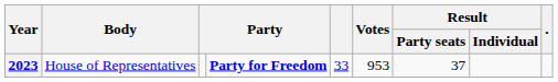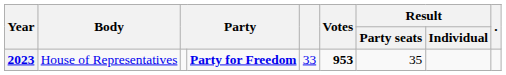 <table class="wikitable plainrowheaders sortable" border=2 cellpadding=4 cellspacing=0 style="border: 1px #aaa solid; font-size: 90%; text-align:center;">
 <tr>
 <th scope="col" rowspan=2>Year</th>
 <th scope="col" rowspan=2>Body</th>
 <th scope="col" colspan=2 rowspan=2>Party</th>
 <th scope="col" rowspan=2></th>
 <th scope="col" rowspan=2>Votes</th>
 <th scope="colgroup" colspan=2>Result</th>
 <th scope="col" rowspan=2 class="unsortable">.</th>
 </tr>
 <tr>
 <th scope="col">Party seats</th>
 <th scope="col">Individual</th>
 </tr>
 <tr>
 <th scope="row"><a href='#'>2023</a></th>
 <td><a href='#'>House of Representatives</a></td>
 <td style="background-color:"></td>
 <td><strong><a href='#'>Party for Freedom</a></strong></td>
 <td style=text-align:right><a href='#'>33</a></td>
-<td style=text-align:right>953</td>
-<td style=text-align:right>37</td>
+<td style=text-align:right><strong>953</strong></td>
+<td style=text-align:right>35</td>
 <td></td>
 <td></td>
 </tr>
 </table>
